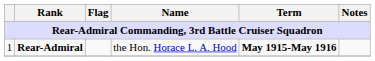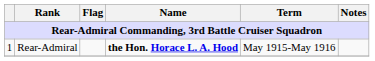 <table class="wikitable">
 <tr>
 <th></th>
 <th>Rank</th>
 <th>Flag</th>
 <th>Name</th>
 <th>Term</th>
 <th>Notes</th>
 </tr>
 <tr>
 <td colspan="6" align="center" style="background:#dcdcfe;"><strong>Rear-Admiral Commanding, 3rd Battle Cruiser Squadron</strong></td>
 </tr>
 <tr>
 <td>1</td>
-<td><strong>Rear-Admiral</strong></td>
+<td>Rear-Admiral</td>
 <td></td>
-<td>the Hon. <a href='#'>Horace L. A. Hood</a></td>
-<td><strong>May 1915-May 1916</strong></td>
+<td><strong>the Hon. <a href='#'>Horace L. A. Hood</a></strong></td>
+<td>May 1915-May 1916</td>
 <td></td>
 </tr>
 <tr>
 </tr>
 </table>
